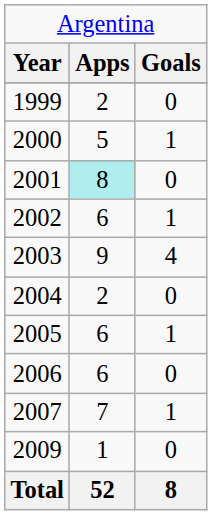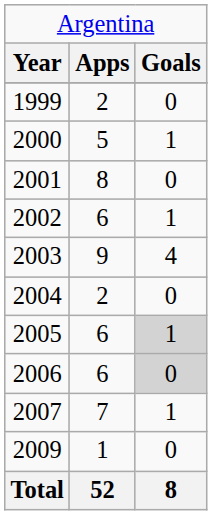 <table class="wikitable" style="text-align:center">
 <tr>
 <td colspan="3"><a href='#'>Argentina</a></td>
 </tr>
 <tr>
 <th>Year</th>
 <th>Apps</th>
 <th>Goals</th>
 </tr>
 <tr>
 </tr>
 <tr>
 <td>1999</td>
 <td>2</td>
 <td>0</td>
 </tr>
 <tr>
 <td>2000</td>
 <td>5</td>
 <td>1</td>
 </tr>
 <tr>
 <td>2001</td>
-<td style="background: paleturquoise;">8</td>
+<td>8</td>
 <td>0</td>
 </tr>
 <tr>
 <td>2002</td>
 <td>6</td>
 <td>1</td>
 </tr>
 <tr>
 <td>2003</td>
 <td>9</td>
 <td>4</td>
 </tr>
 <tr>
 <td>2004</td>
 <td>2</td>
 <td>0</td>
 </tr>
 <tr>
 <td>2005</td>
 <td>6</td>
-<td>1</td>
+<td style="background: lightgrey;">1</td>
 </tr>
 <tr>
 <td>2006</td>
 <td>6</td>
-<td>0</td>
+<td style="background: lightgrey;">0</td>
 </tr>
 <tr>
 <td>2007</td>
 <td>7</td>
 <td>1</td>
 </tr>
 <tr>
 <td>2009</td>
 <td>1</td>
 <td>0</td>
 </tr>
 <tr>
 <th>Total</th>
 <th>52</th>
 <th>8</th>
 </tr>
 </table>
